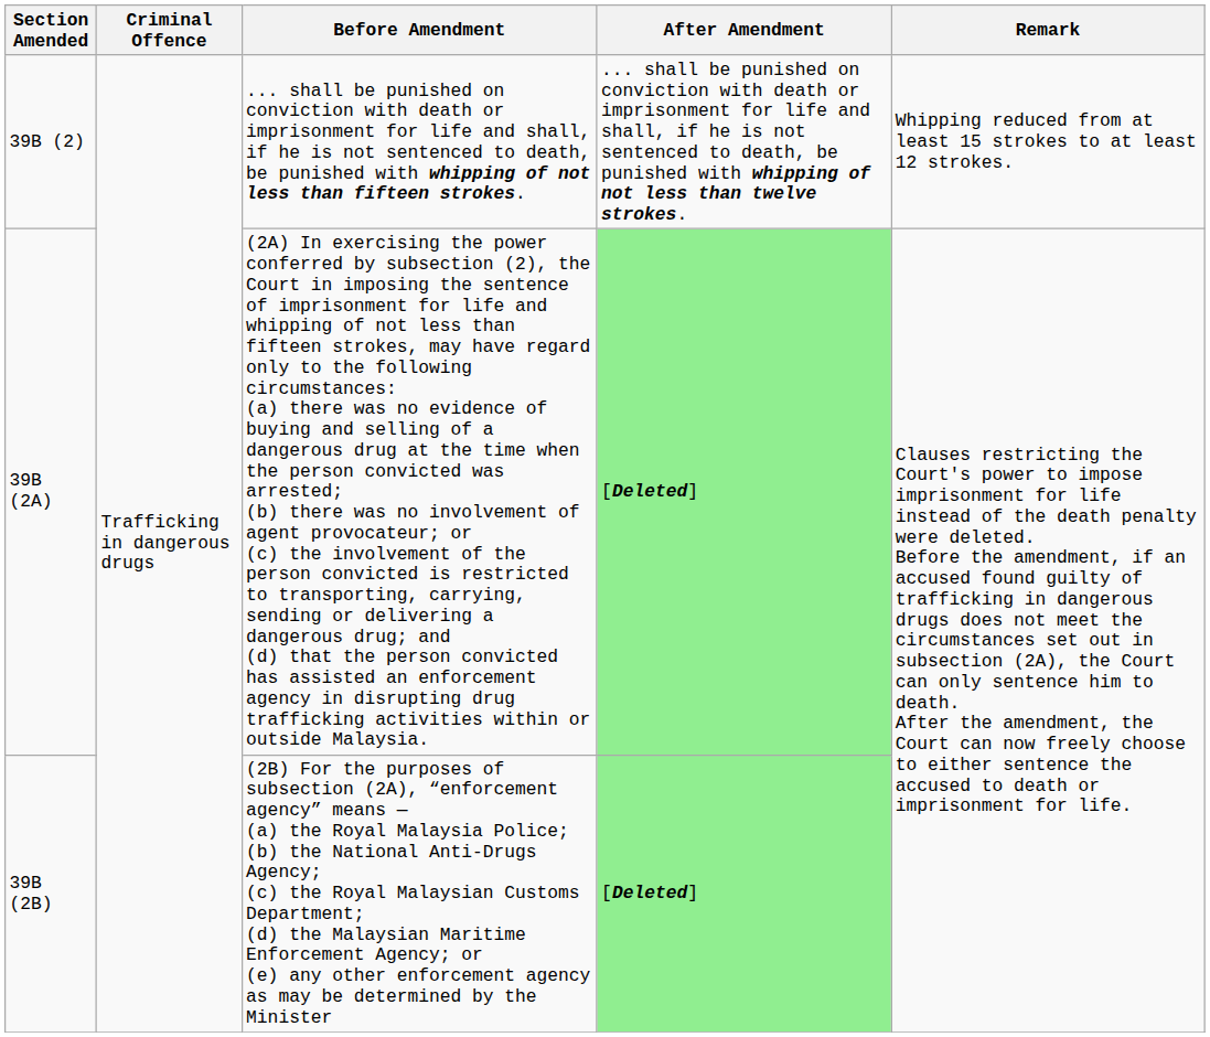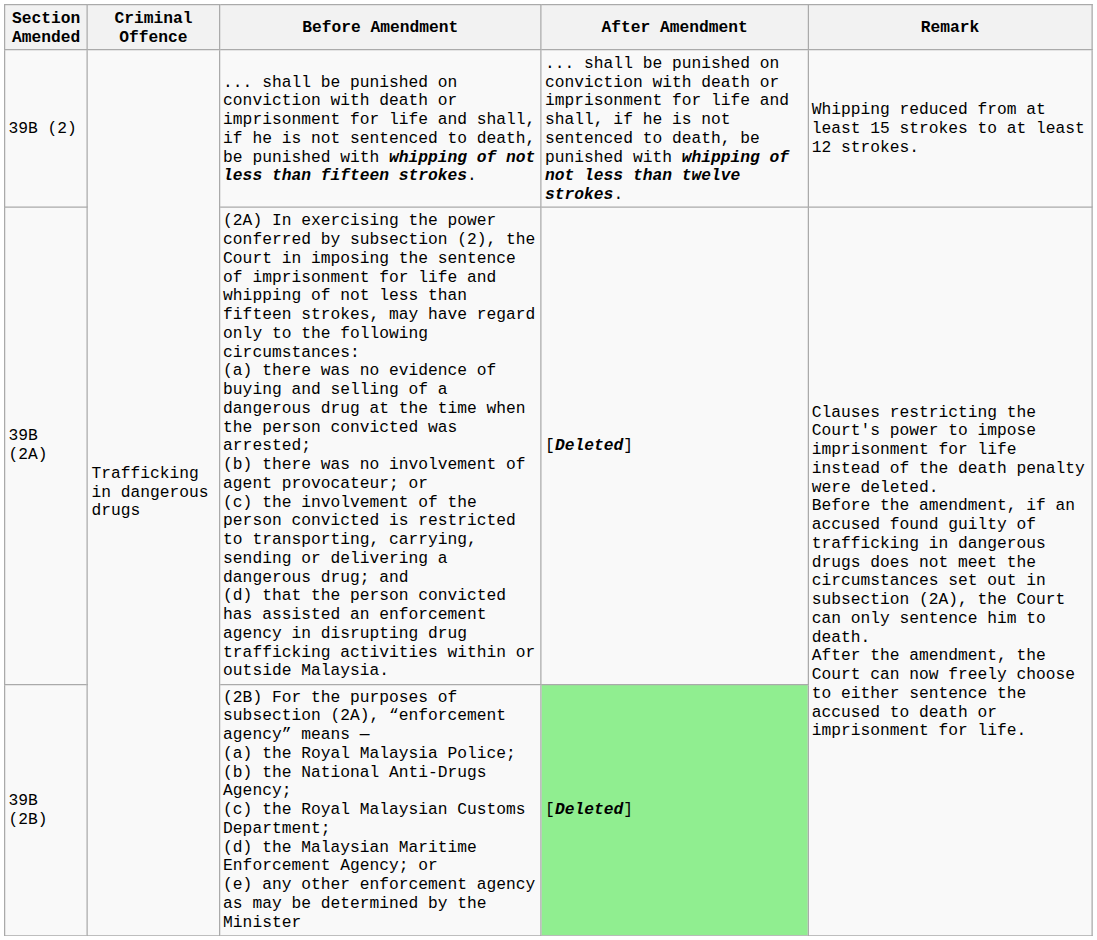 <table class="wikitable">
 <tr>
 <th>Section Amended</th>
 <th>Criminal Offence</th>
 <th>Before Amendment</th>
 <th>After Amendment</th>
 <th>Remark</th>
 </tr>
 <tr>
 <td>39B (2)</td>
 <td rowspan="3">Trafficking in dangerous drugs</td>
 <td>... shall be punished on conviction with death or imprisonment for life and shall, if he is not sentenced to death, be punished with <strong><em>whipping of not less than fifteen strokes</em></strong>.</td>
 <td>... shall be punished on conviction with death or imprisonment for life and shall, if he is not sentenced to death, be punished with <strong><em>whipping of not less than twelve strokes</em></strong>.</td>
 <td>Whipping reduced from at least 15 strokes to at least 12 strokes.</td>
 </tr>
 <tr>
 <td>39B (2A)</td>
 <td>(2A) In exercising the power conferred by subsection (2), the Court in imposing the sentence of imprisonment for life and whipping of not less than fifteen strokes, may have regard only to the following circumstances:<br>(a) there was no evidence of buying and selling of a dangerous drug at the time when the person convicted was arrested;<br>(b) there was no involvement of agent provocateur; or<br>(c) the involvement of the person convicted is restricted to transporting, carrying, sending or delivering a dangerous drug; and<br>(d) that the person convicted has assisted an enforcement agency in disrupting drug trafficking activities within or outside Malaysia.</td>
-<td style="background: lightgreen;">[<strong><em>Deleted</em></strong>]</td>
+<td>[<strong><em>Deleted</em></strong>]</td>
 <td rowspan="2">Clauses restricting the Court's power to impose imprisonment for life instead of the death penalty were deleted.<br>Before the amendment, if an accused found guilty of trafficking in dangerous drugs does not meet the circumstances set out in subsection (2A), the Court can only sentence him to death.<br>After the amendment, the Court can now freely choose to either sentence the accused to death or imprisonment for life.</td>
 </tr>
 <tr>
 <td>39B (2B)</td>
 <td>(2B) For the purposes of subsection (2A), “enforcement agency” means —<br>(a) the Royal Malaysia Police;<br>(b) the National Anti-Drugs Agency;<br>(c) the Royal Malaysian Customs Department;<br>(d) the Malaysian Maritime Enforcement Agency; or<br>(e) any other enforcement agency as may be determined by the Minister</td>
 <td style="background: lightgreen;">[<strong><em>Deleted</em></strong>]</td>
 </tr>
 </table>
